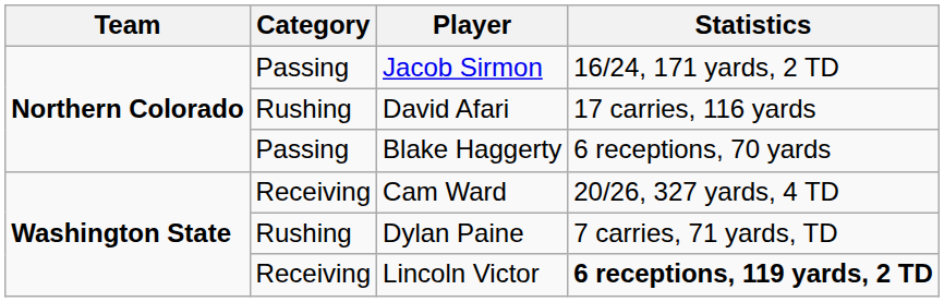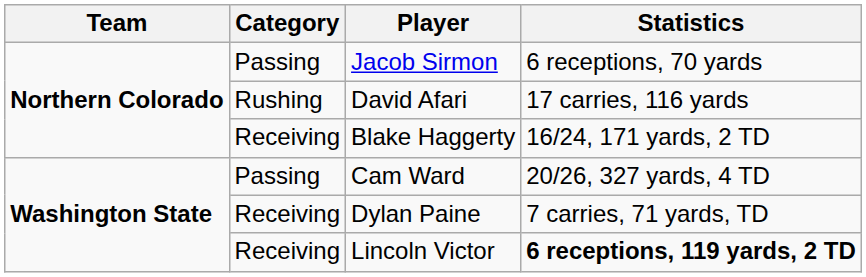 <table class="wikitable" style="float: right;">
 <tr>
 <th>Team</th>
 <th>Category</th>
 <th>Player</th>
 <th>Statistics</th>
 </tr>
 <tr>
 <td rowspan=3><strong>Northern Colorado</strong></td>
 <td>Passing</td>
 <td><a href='#'>Jacob Sirmon</a></td>
-<td>16/24, 171 yards, 2 TD</td>
+<td>6 receptions, 70 yards</td>
 </tr>
 <tr>
 <td>Rushing</td>
 <td>David Afari</td>
 <td>17 carries, 116 yards</td>
 </tr>
 <tr>
-<td>Passing</td>
+<td>Receiving</td>
 <td>Blake Haggerty</td>
-<td>6 receptions, 70 yards</td>
+<td>16/24, 171 yards, 2 TD</td>
 </tr>
 <tr>
 <td rowspan=3><strong>Washington State</strong></td>
-<td>Receiving</td>
+<td>Passing</td>
 <td>Cam Ward</td>
 <td>20/26, 327 yards, 4 TD</td>
 </tr>
 <tr>
-<td>Rushing</td>
+<td>Receiving</td>
 <td>Dylan Paine</td>
 <td>7 carries, 71 yards, TD</td>
 </tr>
 <tr>
 <td>Receiving</td>
 <td>Lincoln Victor</td>
 <td><strong>6 receptions, 119 yards, 2 TD</strong></td>
 </tr>
 </table>
